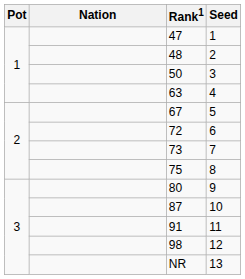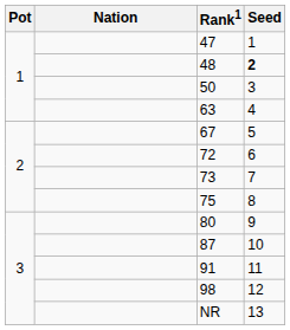 <table class="wikitable">
 <tr>
 <th>Pot</th>
 <th width="175">Nation</th>
 <th>Rank<sup>1</sup></th>
 <th>Seed</th>
 </tr>
 <tr>
 <td rowspan=4 style="text-align:center;">1</td>
 <td></td>
 <td>47</td>
 <td>1</td>
 </tr>
 <tr>
 <td></td>
 <td>48</td>
-<td>2</td>
+<td><strong>2</strong></td>
 </tr>
 <tr>
 <td></td>
 <td>50</td>
 <td>3</td>
 </tr>
 <tr>
 <td></td>
 <td>63</td>
 <td>4</td>
 </tr>
 <tr>
 <td rowspan=4 style="text-align:center;">2</td>
 <td></td>
 <td>67</td>
 <td>5</td>
 </tr>
 <tr>
 <td></td>
 <td>72</td>
 <td>6</td>
 </tr>
 <tr>
 <td></td>
 <td>73</td>
 <td>7</td>
 </tr>
 <tr>
 <td></td>
 <td>75</td>
 <td>8</td>
 </tr>
 <tr>
 <td rowspan=5 style="text-align:center;">3</td>
 <td></td>
 <td>80</td>
 <td>9</td>
 </tr>
 <tr>
 <td></td>
 <td>87</td>
 <td>10</td>
 </tr>
 <tr>
 <td></td>
 <td>91</td>
 <td>11</td>
 </tr>
 <tr>
 <td></td>
 <td>98</td>
 <td>12</td>
 </tr>
 <tr>
 <td></td>
 <td>NR</td>
 <td>13</td>
 </tr>
 </table>
